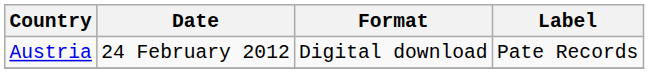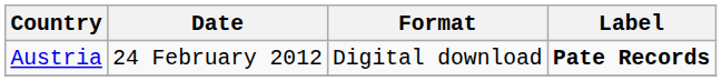 <table class="wikitable">
 <tr>
 <th>Country</th>
 <th>Date</th>
 <th>Format</th>
 <th>Label</th>
 </tr>
 <tr>
 <td><a href='#'>Austria</a></td>
 <td>24 February 2012</td>
 <td>Digital download</td>
-<td>Pate Records</td>
+<td><strong>Pate Records</strong></td>
 </tr>
 <tr>
 </tr>
 </table>
